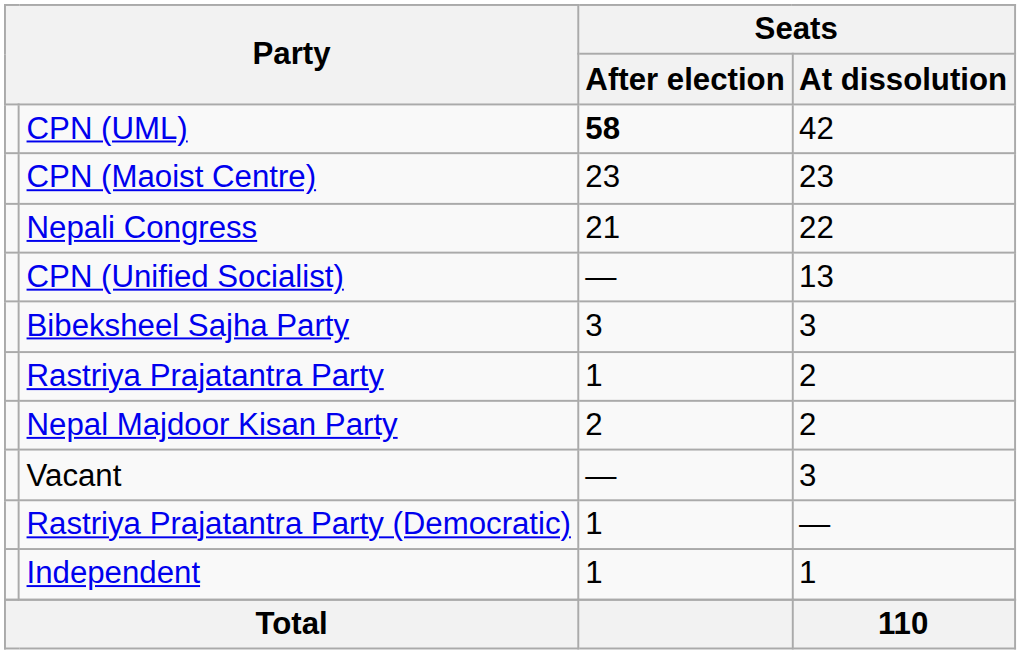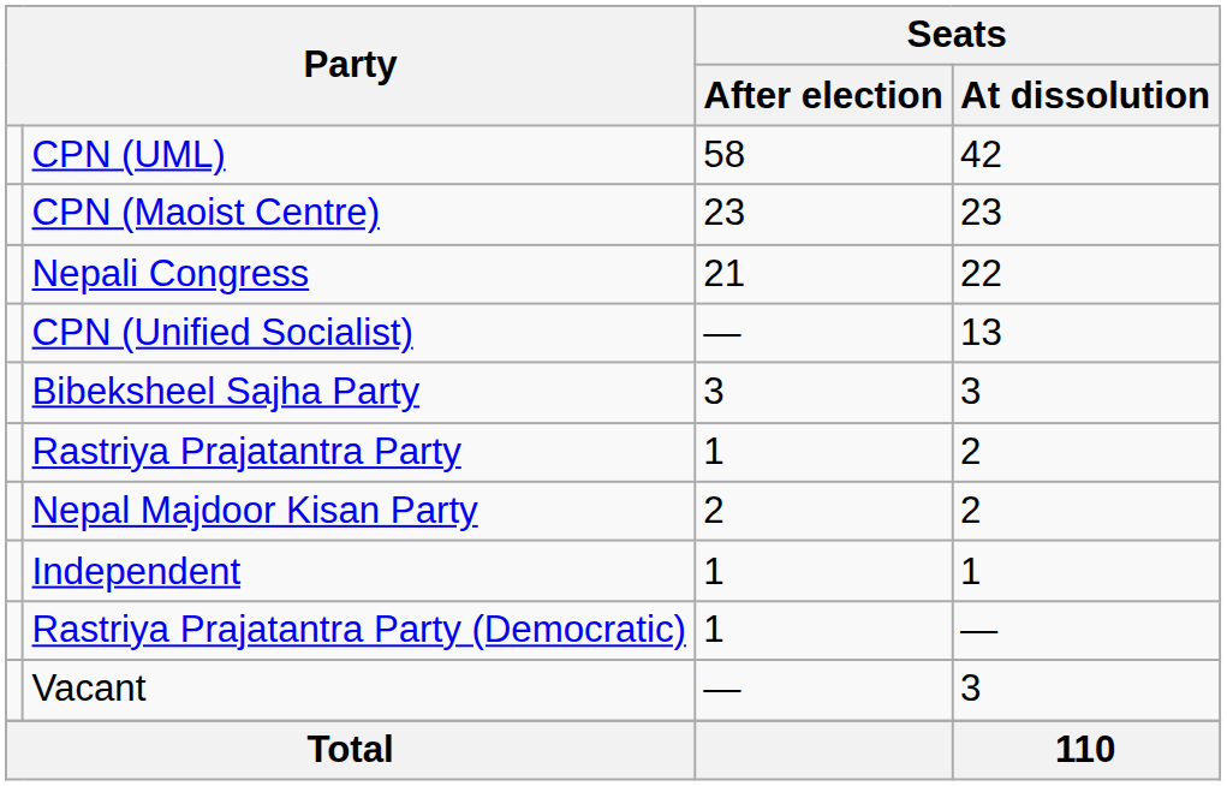 <table class="wikitable">
 <tr>
 <th colspan="2" rowspan="2">Party</th>
 <th colspan="2">Seats</th>
 </tr>
 <tr>
 <th>After election</th>
 <th>At dissolution</th>
 </tr>
 <tr>
 <td></td>
 <td><a href='#'>CPN (UML)</a></td>
-<td><strong>58</strong></td>
+<td>58</td>
 <td>42</td>
 </tr>
 <tr>
 <td></td>
 <td><a href='#'>CPN (Maoist Centre)</a></td>
 <td>23</td>
 <td>23</td>
 </tr>
 <tr>
 <td></td>
 <td><a href='#'>Nepali Congress</a></td>
 <td>21</td>
 <td>22</td>
 </tr>
 <tr>
 <td></td>
 <td><a href='#'>CPN (Unified Socialist)</a></td>
 <td>—</td>
 <td>13</td>
 </tr>
 <tr>
 <td></td>
 <td><a href='#'>Bibeksheel Sajha Party</a></td>
 <td>3</td>
 <td>3</td>
 </tr>
 <tr>
 <td></td>
 <td><a href='#'>Rastriya Prajatantra Party</a></td>
 <td>1</td>
 <td>2</td>
 </tr>
 <tr>
 <td></td>
 <td><a href='#'>Nepal Majdoor Kisan Party</a></td>
 <td>2</td>
 <td>2</td>
 </tr>
 <tr>
 <td></td>
-<td>Vacant</td>
-<td>—</td>
-<td>3</td>
+<td><a href='#'>Independent</a></td>
+<td>1</td>
+<td>1</td>
 </tr>
 <tr>
 <td></td>
 <td><a href='#'>Rastriya Prajatantra Party (Democratic)</a></td>
 <td>1</td>
 <td>—</td>
 </tr>
 <tr>
 <td></td>
-<td><a href='#'>Independent</a></td>
-<td>1</td>
-<td>1</td>
+<td>Vacant</td>
+<td>—</td>
+<td>3</td>
 </tr>
 <tr>
 </tr>
 <tr>
 <th colspan="2">Total</th>
 <th></th>
 <th>110</th>
 </tr>
 </table>
